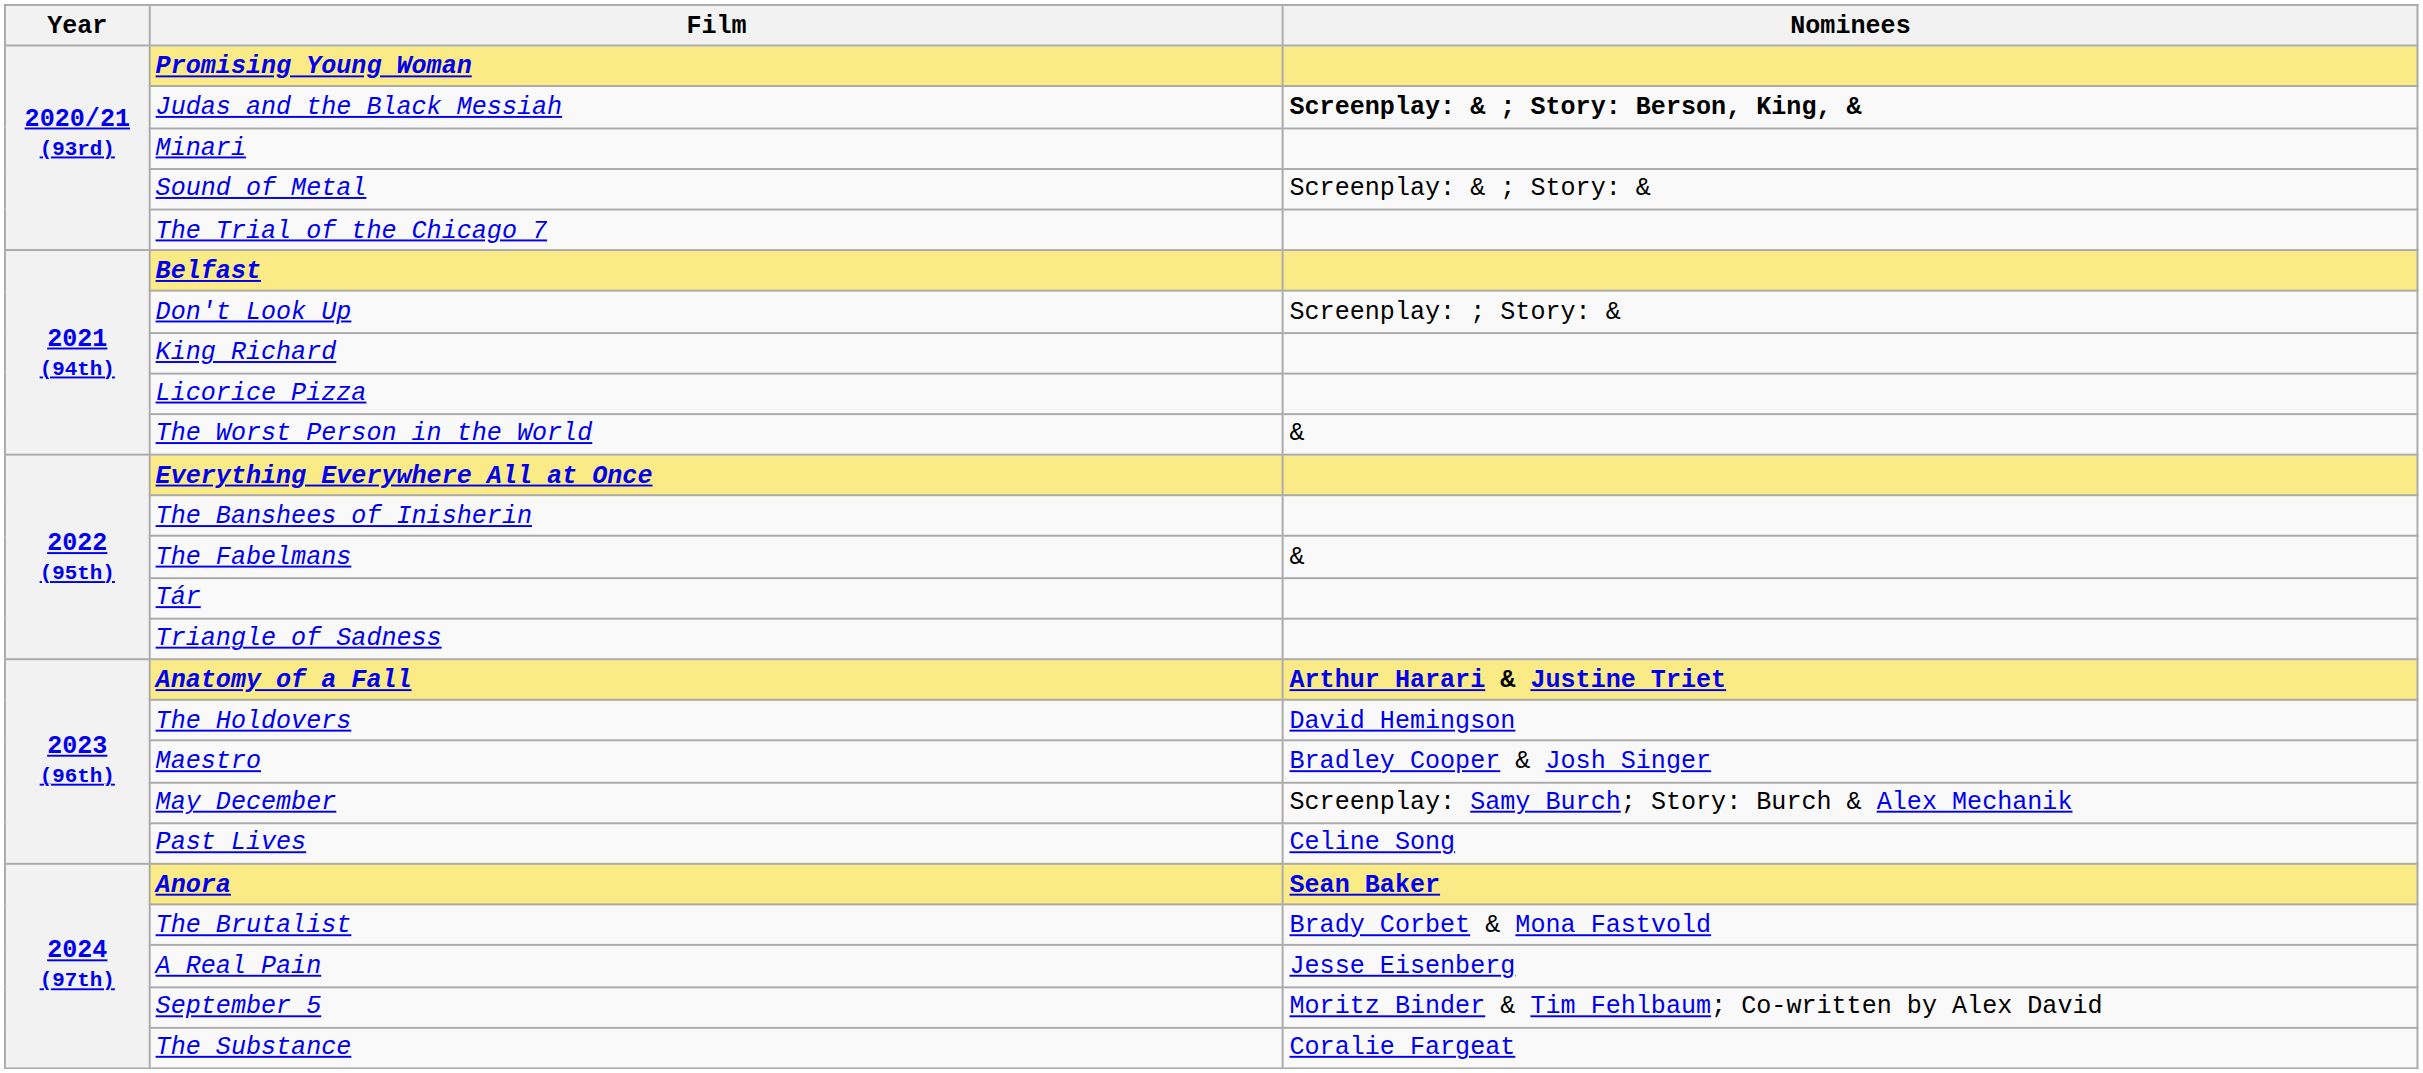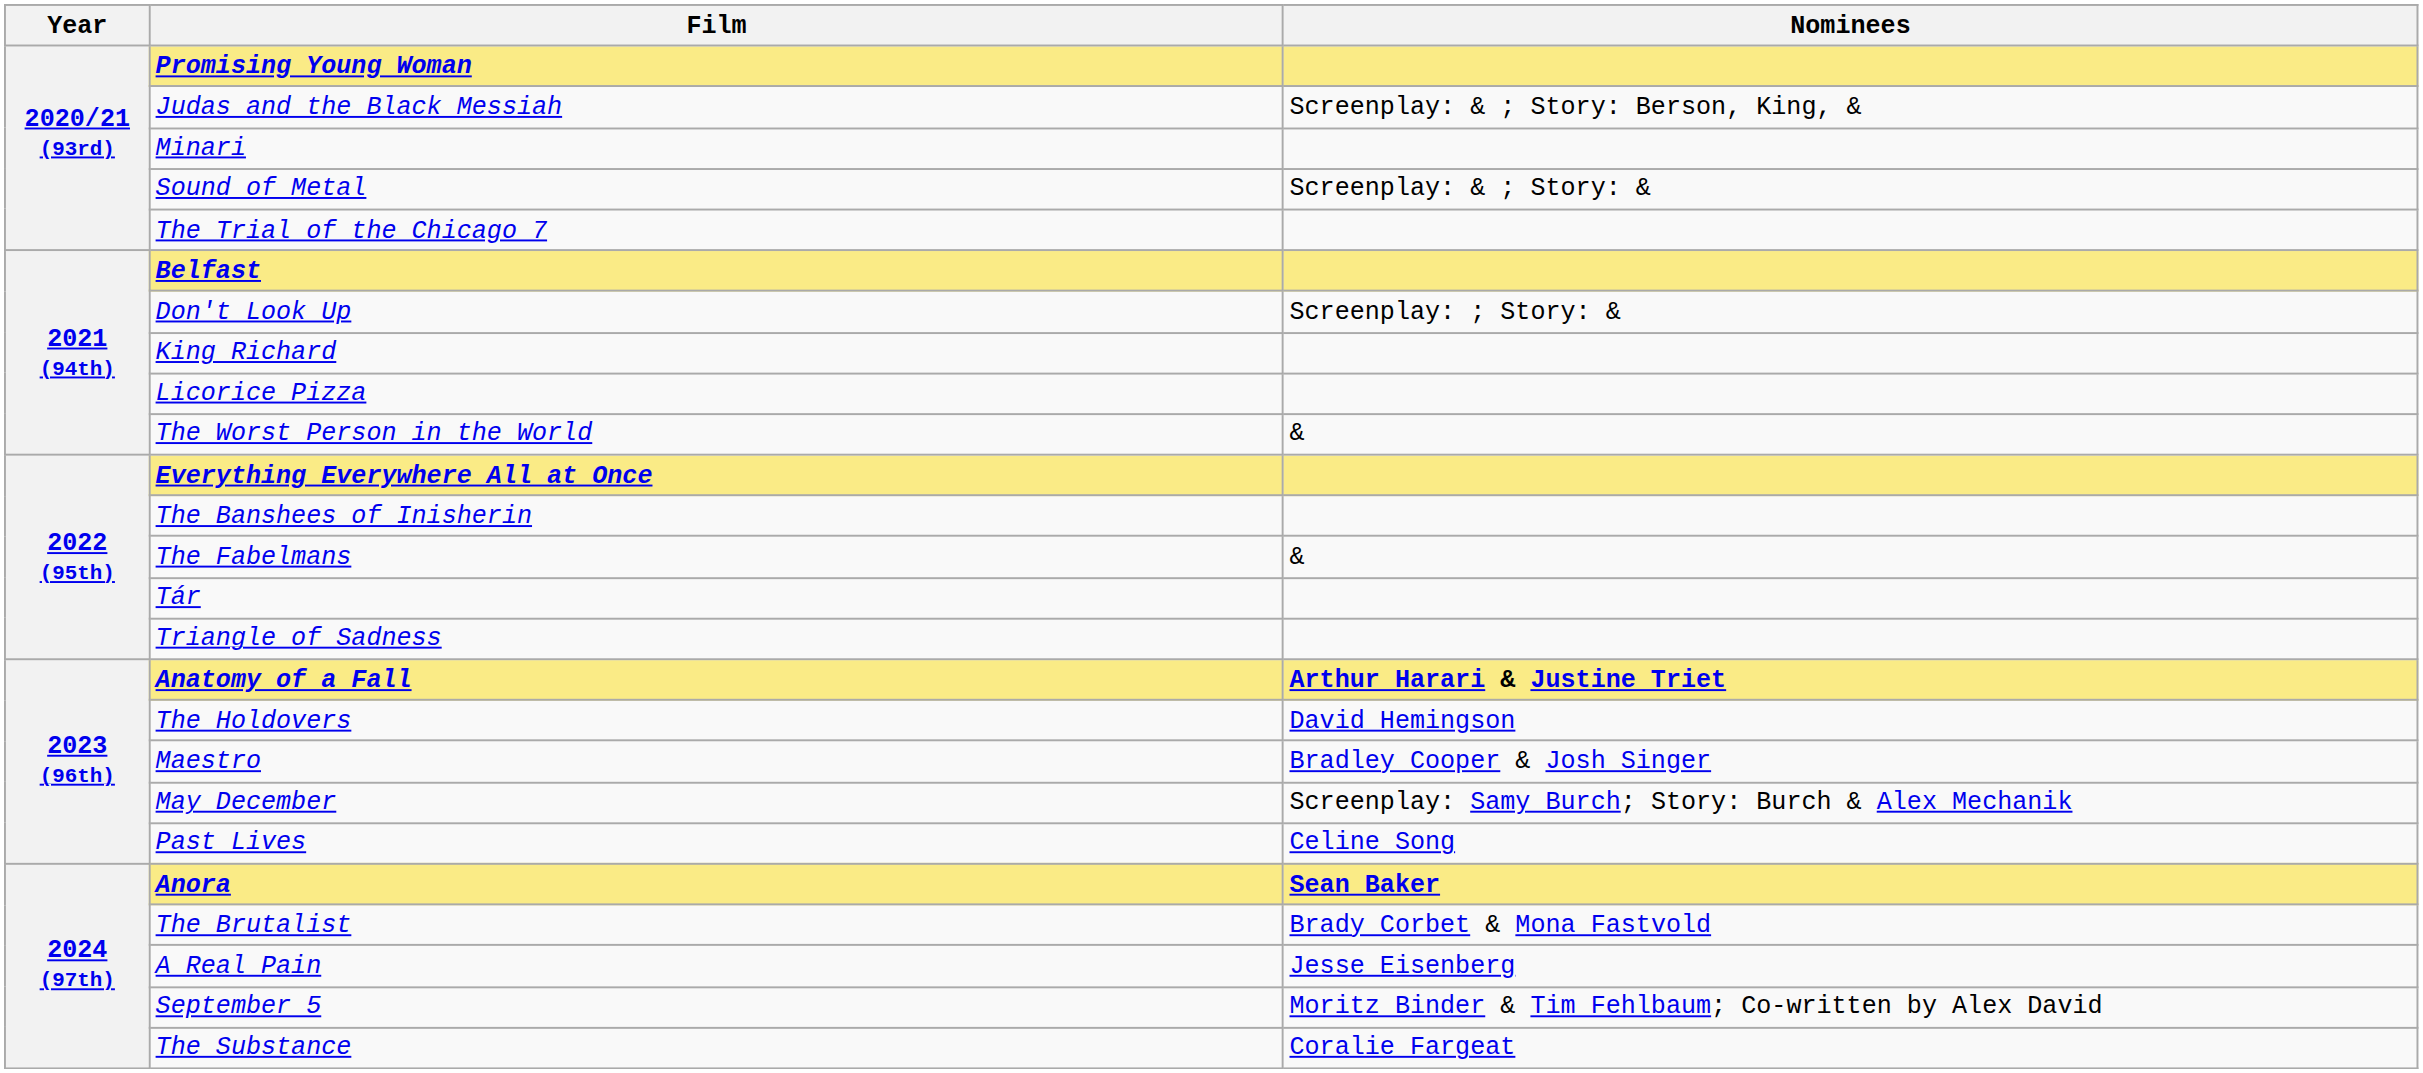 <table class="wikitable">
 <tr>
 <th width="2%">Year</th>
 <th width="30%">Film</th>
 <th width="30%">Nominees</th>
 </tr>
 <tr>
 <th scope="row" rowspan=5 style="text-align:center;"><a href='#'>2020/21</a><br><small><a href='#'>(93rd)</a></small><br> <br></th>
 <td style="background:#FAEB86"><strong><em><a href='#'>Promising Young Woman</a></em></strong></td>
 <td style="background:#FAEB86"><strong></strong></td>
 </tr>
 <tr>
 <td><em><a href='#'>Judas and the Black Messiah</a></em></td>
-<td><strong>Screenplay:  & ; Story: Berson, King,  & </strong></td>
+<td>Screenplay:  & ; Story: Berson, King,  & </td>
 </tr>
 <tr>
 <td><em><a href='#'>Minari</a></em></td>
 <td></td>
 </tr>
 <tr>
 <td><em><a href='#'>Sound of Metal</a></em></td>
 <td>Screenplay:  & ; Story:  & </td>
 </tr>
 <tr>
 <td><em><a href='#'>The Trial of the Chicago 7</a></em></td>
 <td></td>
 </tr>
 <tr>
 <th scope="row" rowspan=5 style="text-align:center;"><a href='#'>2021</a><br><small><a href='#'>(94th)</a></small><br></th>
 <td style="background:#FAEB86"><strong><em><a href='#'>Belfast</a></em></strong></td>
 <td style="background:#FAEB86"><strong></strong></td>
 </tr>
 <tr>
 <td><em><a href='#'>Don't Look Up</a></em></td>
 <td>Screenplay: ; Story:  & </td>
 </tr>
 <tr>
 <td><em><a href='#'>King Richard</a></em></td>
 <td></td>
 </tr>
 <tr>
 <td><em><a href='#'>Licorice Pizza</a></em></td>
 <td></td>
 </tr>
 <tr>
 <td><em><a href='#'>The Worst Person in the World</a></em></td>
 <td> & </td>
 </tr>
 <tr>
 <th scope="row" rowspan=5 style="text-align:center;"><a href='#'>2022</a><br><small><a href='#'>(95th)</a></small></th>
 <td style="background:#FAEB86"><strong><em><a href='#'>Everything Everywhere All at Once</a></em></strong></td>
 <td style="background:#FAEB86"><strong></strong></td>
 </tr>
 <tr>
 <td><em><a href='#'>The Banshees of Inisherin</a></em></td>
 <td></td>
 </tr>
 <tr>
 <td><em><a href='#'>The Fabelmans</a></em></td>
 <td> & </td>
 </tr>
 <tr>
 <td><em><a href='#'>Tár</a></em></td>
 <td></td>
 </tr>
 <tr>
 <td><em><a href='#'>Triangle of Sadness</a></em></td>
 <td></td>
 </tr>
 <tr>
 <th rowspan="5"><a href='#'>2023</a><br><small><a href='#'>(96th)</a></small></th>
 <td style="background:#FAEB86"><strong><em><a href='#'>Anatomy of a Fall</a></em></strong></td>
 <td style="background:#FAEB86"><strong><a href='#'>Arthur Harari</a> & <a href='#'>Justine Triet</a></strong></td>
 </tr>
 <tr>
 <td><em><a href='#'>The Holdovers</a></em></td>
 <td><a href='#'>David Hemingson</a></td>
 </tr>
 <tr>
 <td><em><a href='#'>Maestro</a></em></td>
 <td><a href='#'>Bradley Cooper</a> & <a href='#'>Josh Singer</a></td>
 </tr>
 <tr>
 <td><em><a href='#'>May December</a></em></td>
 <td>Screenplay: <a href='#'>Samy Burch</a>; Story: Burch & <a href='#'>Alex Mechanik</a></td>
 </tr>
 <tr>
 <td><em><a href='#'>Past Lives</a></em></td>
 <td><a href='#'>Celine Song</a></td>
 </tr>
 <tr>
 <th rowspan="5"><a href='#'>2024</a><br><small><a href='#'>(97th)</a></small></th>
 <td style="background:#FAEB86"><strong><em><a href='#'>Anora</a></em></strong></td>
 <td style="background:#FAEB86"><strong><a href='#'>Sean Baker</a></strong></td>
 </tr>
 <tr>
 <td><em><a href='#'>The Brutalist</a></em></td>
 <td><a href='#'>Brady Corbet</a> & <a href='#'>Mona Fastvold</a></td>
 </tr>
 <tr>
 <td><em><a href='#'>A Real Pain</a></em></td>
 <td><a href='#'>Jesse Eisenberg</a></td>
 </tr>
 <tr>
 <td><em><a href='#'>September 5</a></em></td>
 <td><a href='#'>Moritz Binder</a> & <a href='#'>Tim Fehlbaum</a>; Co-written by Alex David</td>
 </tr>
 <tr>
 <td><em><a href='#'>The Substance</a></em></td>
 <td><a href='#'>Coralie Fargeat</a></td>
 </tr>
 </table>
